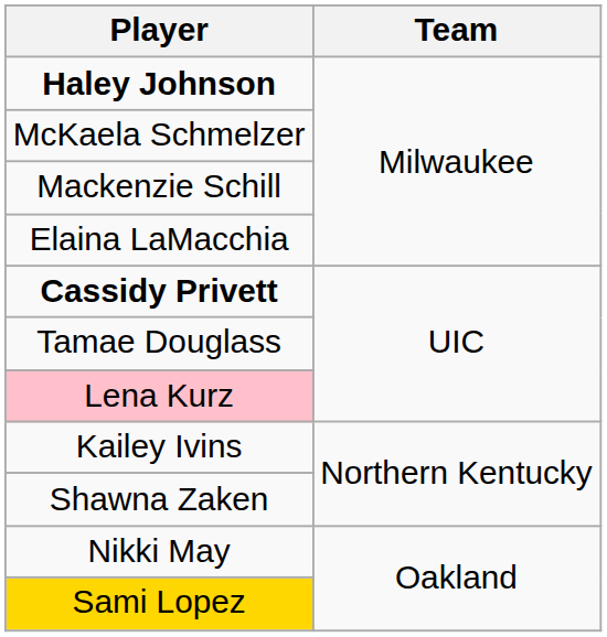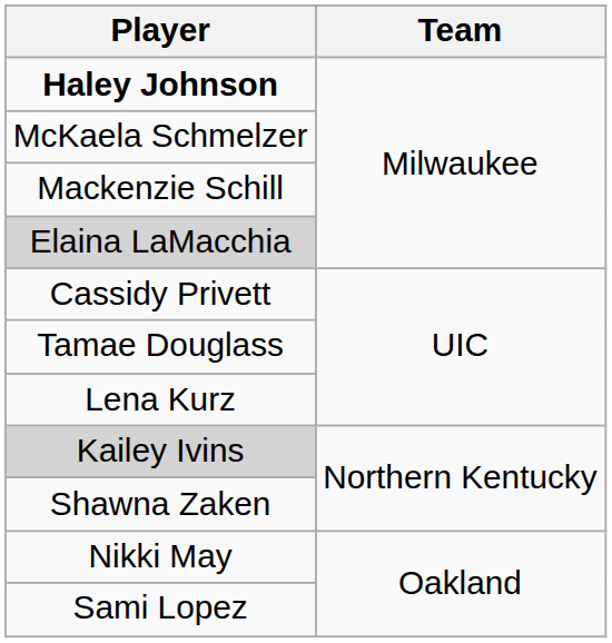 <table class="wikitable" style="text-align: center;">
 <tr>
 <th>Player</th>
 <th>Team</th>
 </tr>
 <tr>
 <td><strong>Haley Johnson</strong></td>
 <td rowspan=4>Milwaukee</td>
 </tr>
 <tr>
 <td>McKaela Schmelzer</td>
 </tr>
 <tr>
 <td>Mackenzie Schill</td>
 </tr>
 <tr>
-<td>Elaina LaMacchia</td>
+<td style="background: lightgrey;">Elaina LaMacchia</td>
 </tr>
 <tr>
-<td><strong>Cassidy Privett</strong></td>
+<td>Cassidy Privett</td>
 <td rowspan=3>UIC</td>
 </tr>
 <tr>
 <td>Tamae Douglass</td>
 </tr>
 <tr>
-<td style="background: pink;">Lena Kurz</td>
+<td>Lena Kurz</td>
 </tr>
 <tr>
-<td>Kailey Ivins</td>
+<td style="background: lightgrey;">Kailey Ivins</td>
 <td rowspan=2>Northern Kentucky</td>
 </tr>
 <tr>
 <td>Shawna Zaken</td>
 </tr>
 <tr>
 <td>Nikki May</td>
 <td rowspan=2>Oakland</td>
 </tr>
 <tr>
-<td style="background: gold;">Sami Lopez</td>
+<td>Sami Lopez</td>
 </tr>
 </table>
